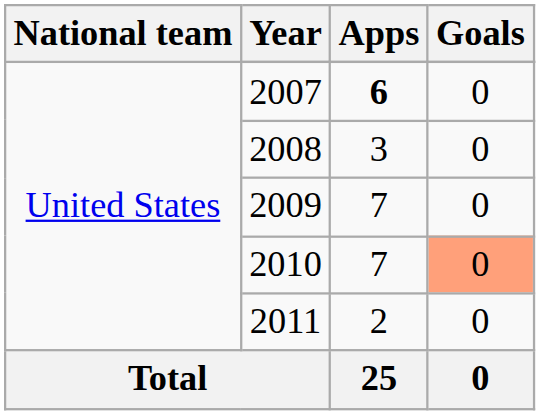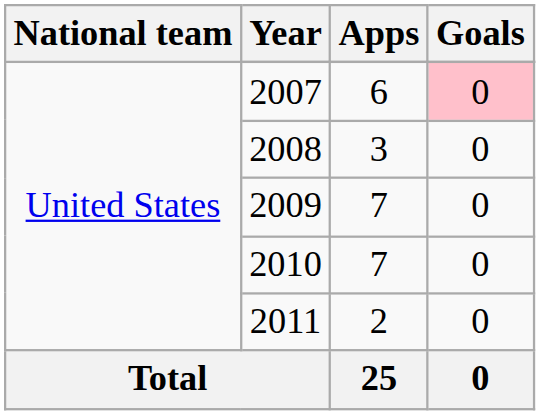 <table class="wikitable" style="text-align: center">
 <tr>
 <th>National team</th>
 <th>Year</th>
 <th>Apps</th>
 <th>Goals</th>
 </tr>
 <tr>
 <td rowspan="6"><a href='#'>United States</a></td>
 </tr>
 <tr>
 <td>2007</td>
-<td><strong>6</strong></td>
-<td>0</td>
+<td>6</td>
+<td style="background: pink;">0</td>
 </tr>
 <tr>
 <td>2008</td>
 <td>3</td>
 <td>0</td>
 </tr>
 <tr>
 <td>2009</td>
 <td>7</td>
 <td>0</td>
 </tr>
 <tr>
 <td>2010</td>
 <td>7</td>
-<td style="background: lightsalmon;">0</td>
+<td>0</td>
 </tr>
 <tr>
 <td>2011</td>
 <td>2</td>
 <td>0</td>
 </tr>
 <tr>
 <th colspan=2>Total</th>
 <th>25</th>
 <th>0</th>
 </tr>
 </table>
